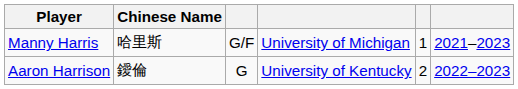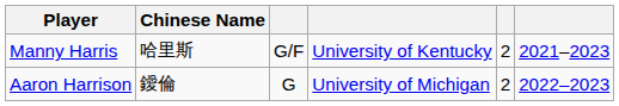 <table class="wikitable sortable" style="font-size:95%; text-align:right;">
 <tr>
 <th>Player</th>
 <th>Chinese Name</th>
 <th></th>
 <th></th>
 <th></th>
 <th></th>
 </tr>
 <tr>
 <td align="left"><a href='#'>Manny Harris</a></td>
 <td align="left">哈里斯</td>
 <td align="center">G/F</td>
-<td align="left"><a href='#'>University of Michigan</a></td>
-<td align="center">1</td>
+<td align="left"><a href='#'>University of Kentucky</a></td>
+<td align="center">2</td>
 <td align="center"><a href='#'>2021</a>–<a href='#'>2023</a></td>
 </tr>
 <tr>
 <td align="left"><a href='#'>Aaron Harrison</a></td>
 <td align="left">鑀倫</td>
 <td align="center">G</td>
-<td align="left"><a href='#'>University of Kentucky</a></td>
+<td align="left"><a href='#'>University of Michigan</a></td>
 <td align="center">2</td>
 <td align="center"><a href='#'>2022–2023</a></td>
 </tr>
 </table>
